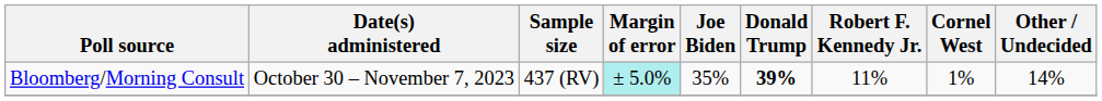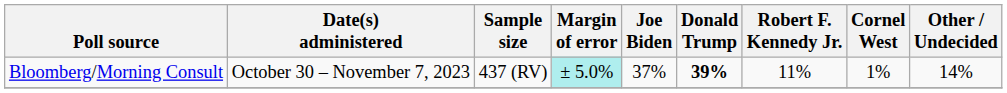 <table class="wikitable sortable mw-datatable" style="font-size:90%;text-align:center;line-height:17px">
 <tr valign=bottom>
 <th>Poll source</th>
 <th>Date(s)<br>administered</th>
 <th>Sample<br>size</th>
 <th>Margin<br>of error</th>
 <th class="unsortable">Joe<br>Biden<br></th>
 <th class="unsortable">Donald<br>Trump<br></th>
 <th class="unsortable">Robert F.<br>Kennedy Jr.<br></th>
 <th class="unsortable">Cornel<br>West<br></th>
 <th class="unsortable">Other /<br>Undecided</th>
 </tr>
 <tr>
 <td style="text-align:left;"><a href='#'>Bloomberg</a>/<a href='#'>Morning Consult</a></td>
 <td data-sort-value="2023-11-09">October 30 – November 7, 2023</td>
 <td>437 (RV)</td>
 <td style="background: paleturquoise;">± 5.0%</td>
-<td>35%</td>
+<td>37%</td>
 <td style="background-color:"><strong>39%</strong></td>
 <td>11%</td>
 <td>1%</td>
 <td>14%</td>
 </tr>
 <tr>
 </tr>
 </table>
